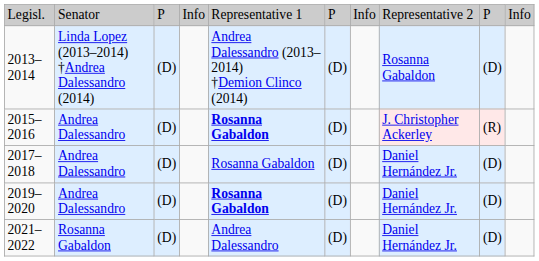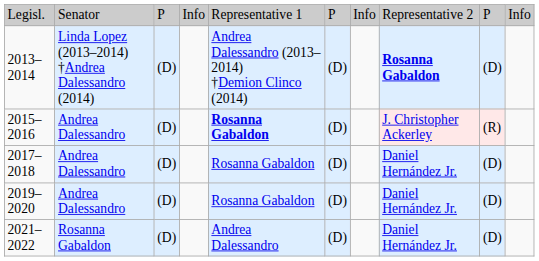 <table class=wikitable width="100%" border="1">
 <tr style="background-color:#cccccc;">
 <td>Legisl.</td>
 <td>Senator</td>
 <td>P</td>
 <td>Info</td>
 <td>Representative 1</td>
 <td>P</td>
 <td>Info</td>
 <td>Representative 2</td>
 <td>P</td>
 <td>Info</td>
 </tr>
 <tr>
 <td>2013–2014</td>
 <td style="background:#DDEEFF"><a href='#'>Linda Lopez</a> (2013–2014)<br>†<a href='#'>Andrea Dalessandro</a> (2014)</td>
 <td style="background:#DDEEFF">(D)</td>
 <td></td>
 <td style="background:#DDEEFF"><a href='#'>Andrea Dalessandro</a> (2013–2014)<br>†<a href='#'>Demion Clinco</a> (2014)</td>
 <td style="background:#DDEEFF">(D)</td>
 <td></td>
-<td style="background:#DDEEFF"><a href='#'>Rosanna Gabaldon</a></td>
+<td style="background:#DDEEFF"><strong><a href='#'>Rosanna Gabaldon</a></strong></td>
 <td style="background:#DDEEFF">(D)</td>
 <td></td>
 </tr>
 <tr>
 <td>2015–2016</td>
 <td style="background:#DDEEFF"><a href='#'>Andrea Dalessandro</a></td>
 <td style="background:#DDEEFF">(D)</td>
 <td></td>
 <td style="background:#DDEEFF"><strong><a href='#'>Rosanna Gabaldon</a></strong></td>
 <td style="background:#DDEEFF">(D)</td>
 <td></td>
 <td style="background:#FFE8E8"><a href='#'>J. Christopher Ackerley</a></td>
 <td style="background:#FFE8E8">(R)</td>
 <td></td>
 </tr>
 <tr>
 <td>2017–2018</td>
 <td style="background:#DDEEFF"><a href='#'>Andrea Dalessandro</a></td>
 <td style="background:#DDEEFF">(D)</td>
 <td></td>
 <td style="background:#DDEEFF"><a href='#'>Rosanna Gabaldon</a></td>
 <td style="background:#DDEEFF">(D)</td>
 <td></td>
 <td style="background:#DDEEFF"><a href='#'>Daniel Hernández Jr.</a></td>
 <td style="background:#DDEEFF">(D)</td>
 <td></td>
 </tr>
 <tr>
 <td>2019–2020</td>
 <td style="background:#DDEEFF"><a href='#'>Andrea Dalessandro</a></td>
 <td style="background:#DDEEFF">(D)</td>
 <td></td>
-<td style="background:#DDEEFF"><strong><a href='#'>Rosanna Gabaldon</a></strong></td>
+<td style="background:#DDEEFF"><a href='#'>Rosanna Gabaldon</a></td>
 <td style="background:#DDEEFF">(D)</td>
 <td></td>
 <td style="background:#DDEEFF"><a href='#'>Daniel Hernández Jr.</a></td>
 <td style="background:#DDEEFF">(D)</td>
 <td></td>
 </tr>
 <tr>
 <td>2021–2022</td>
 <td style="background:#DDEEFF"><a href='#'>Rosanna Gabaldon</a></td>
 <td style="background:#DDEEFF">(D)</td>
 <td></td>
 <td style="background:#DDEEFF"><a href='#'>Andrea Dalessandro</a></td>
 <td style="background:#DDEEFF">(D)</td>
 <td></td>
 <td style="background:#DDEEFF"><a href='#'>Daniel Hernández Jr.</a></td>
 <td style="background:#DDEEFF">(D)</td>
 <td></td>
 </tr>
 </table>
